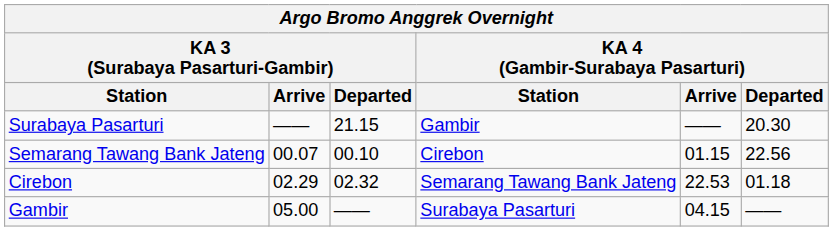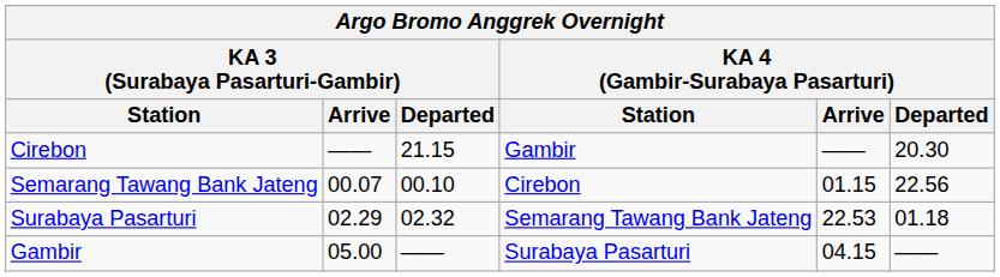 <table class="wikitable">
 <tr>
 <th colspan=6><em> Argo Bromo Anggrek Overnight</em></th>
 </tr>
 <tr>
 <th colspan=3><strong>KA 3<br>(Surabaya Pasarturi-Gambir)</strong></th>
 <th colspan=3><strong>KA 4<br>(Gambir-Surabaya Pasarturi)</strong></th>
 </tr>
 <tr>
 <th>Station</th>
 <th>Arrive</th>
 <th>Departed</th>
 <th>Station</th>
 <th>Arrive</th>
 <th>Departed</th>
 </tr>
 <tr>
-<td><a href='#'>Surabaya Pasarturi</a></td>
+<td><a href='#'>Cirebon</a></td>
 <td>——</td>
 <td>21.15</td>
 <td><a href='#'>Gambir</a></td>
 <td>——</td>
 <td>20.30</td>
 </tr>
 <tr>
 <td><a href='#'>Semarang Tawang Bank Jateng</a></td>
 <td>00.07</td>
 <td>00.10</td>
 <td><a href='#'>Cirebon</a></td>
 <td>01.15</td>
 <td>22.56</td>
 </tr>
 <tr>
-<td><a href='#'>Cirebon</a></td>
+<td><a href='#'>Surabaya Pasarturi</a></td>
 <td>02.29</td>
 <td>02.32</td>
 <td><a href='#'>Semarang Tawang Bank Jateng</a></td>
 <td>22.53</td>
 <td>01.18</td>
 </tr>
 <tr>
 <td><a href='#'>Gambir</a></td>
 <td>05.00</td>
 <td>——</td>
 <td><a href='#'>Surabaya Pasarturi</a></td>
 <td>04.15</td>
 <td>——</td>
 </tr>
 </table>
